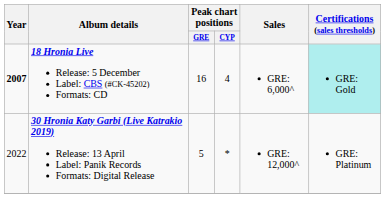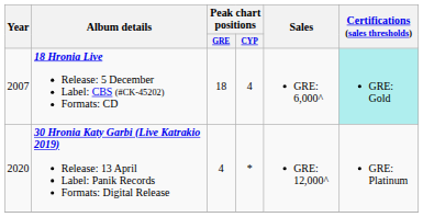 <table class="wikitable" style="text-align:center;">
 <tr>
 <th rowspan="2">Year</th>
 <th rowspan="2" style="width:250px;">Album details</th>
 <th colspan="2">Peak chart positions</th>
 <th rowspan="2">Sales</th>
 <th rowspan="2"><a href='#'>Certifications</a><br><small>(<a href='#'>sales thresholds</a>)</small></th>
 </tr>
 <tr>
 <th style="width:3em;font-size:75%"><a href='#'>GRE</a></th>
 <th style="width:3em;font-size:75%"><a href='#'>CYP</a></th>
 </tr>
 <tr>
-<td><strong>2007</strong></td>
+<td>2007</td>
 <td align="left"><strong><em><a href='#'>18 Hronia Live</a></em></strong><br><ul><li>Release: 5 December</li><li>Label: <a href='#'>CBS</a> <small>(#CK-45202)</small></li><li>Formats: CD</li></ul></td>
-<td>16</td>
+<td>18</td>
 <td>4</td>
 <td align="left"><br><ul><li>GRE: 6,000^</li></ul></td>
 <td align="left" style="background: paleturquoise;"><br><ul><li>GRE: Gold</li></ul></td>
 </tr>
 <tr>
-<td>2022</td>
+<td>2020</td>
 <td align="left"><strong><em><a href='#'>30 Hronia Katy Garbi (Live Katrakio 2019)</a></em></strong><br><ul><li>Release: 13 April</li><li>Label: Panik Records</li><li>Formats: Digital Release</li></ul></td>
-<td>5</td>
+<td>4</td>
 <td>*</td>
 <td align="left"><br><ul><li>GRE: 12,000^</li></ul></td>
 <td align="left"><br><ul><li>GRE: Platinum</li></ul></td>
 </tr>
 <tr>
 </tr>
 </table>
